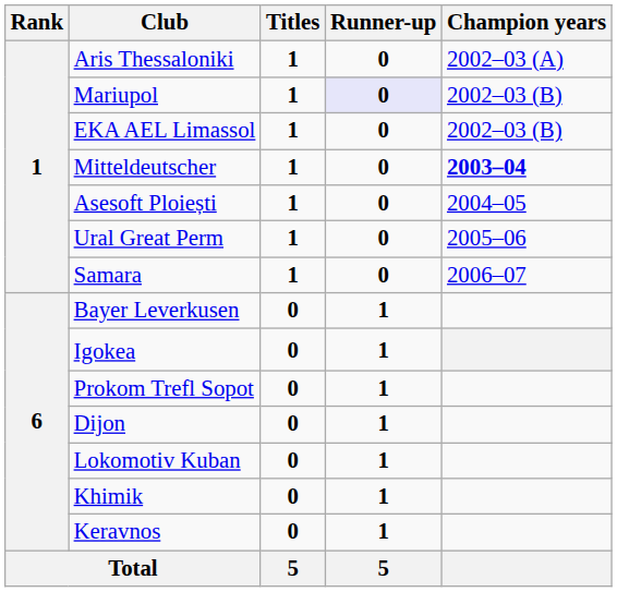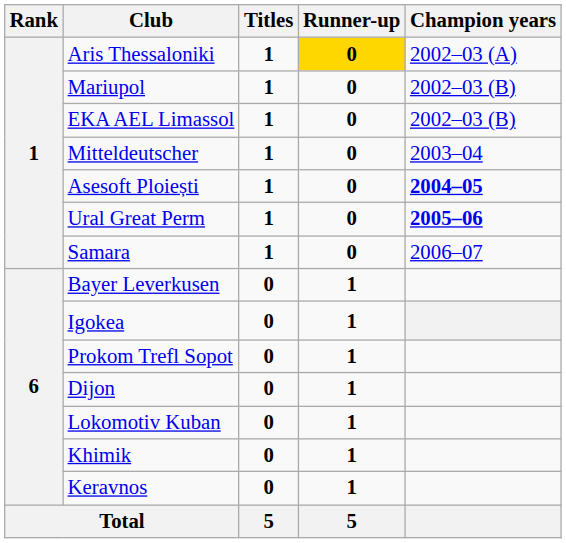 <table class="wikitable sortable">
 <tr>
 <th>Rank</th>
 <th>Club</th>
 <th>Titles</th>
 <th>Runner-up</th>
 <th>Champion years</th>
 </tr>
 <tr>
 <th rowspan="7">1</th>
 <td><a href='#'>Aris Thessaloniki</a></td>
 <td align="center"><strong>1</strong></td>
-<td align="center"><strong>0</strong></td>
+<td align="center" style="background: gold;"><strong>0</strong></td>
 <td><a href='#'>2002–03 (A)</a></td>
 </tr>
 <tr>
 <td><a href='#'>Mariupol</a></td>
 <td align="center"><strong>1</strong></td>
-<td align="center" style="background: lavender;"><strong>0</strong></td>
+<td align="center"><strong>0</strong></td>
 <td><a href='#'>2002–03 (B)</a></td>
 </tr>
 <tr>
 <td><a href='#'>EKA AEL Limassol</a></td>
 <td align="center"><strong>1</strong></td>
 <td align="center"><strong>0</strong></td>
 <td><a href='#'>2002–03 (B)</a></td>
 </tr>
 <tr>
 <td> <a href='#'>Mitteldeutscher</a></td>
 <td align="center"><strong>1</strong></td>
 <td align="center"><strong>0</strong></td>
-<td><strong><a href='#'>2003–04</a></strong></td>
+<td><a href='#'>2003–04</a></td>
 </tr>
 <tr>
 <td> <a href='#'>Asesoft Ploiești</a></td>
 <td align="center"><strong>1</strong></td>
 <td align="center"><strong>0</strong></td>
-<td><a href='#'>2004–05</a></td>
+<td><strong><a href='#'>2004–05</a></strong></td>
 </tr>
 <tr>
 <td> <a href='#'>Ural Great Perm</a></td>
 <td align="center"><strong>1</strong></td>
 <td align="center"><strong>0</strong></td>
-<td><a href='#'>2005–06</a></td>
+<td><strong><a href='#'>2005–06</a></strong></td>
 </tr>
 <tr>
 <td> <a href='#'>Samara</a></td>
 <td align="center"><strong>1</strong></td>
 <td align="center"><strong>0</strong></td>
 <td><a href='#'>2006–07</a></td>
 </tr>
 <tr>
 <th rowspan="7">6</th>
 <td> <a href='#'>Bayer Leverkusen</a></td>
 <td align="center"><strong>0</strong></td>
 <td align="center"><strong>1</strong></td>
 <td></td>
 </tr>
 <tr>
 <td><big></big><a href='#'>Igokea</a></td>
 <td align="center"><strong>0</strong></td>
 <td align="center"><strong>1</strong></td>
 <th></th>
 </tr>
 <tr>
 <td> <a href='#'>Prokom Trefl Sopot</a></td>
 <td align="center"><strong>0</strong></td>
 <td align="center"><strong>1</strong></td>
 <td></td>
 </tr>
 <tr>
 <td> <a href='#'>Dijon</a></td>
 <td align="center"><strong>0</strong></td>
 <td align="center"><strong>1</strong></td>
 <td></td>
 </tr>
 <tr>
 <td> <a href='#'>Lokomotiv Kuban</a></td>
 <td align="center"><strong>0</strong></td>
 <td align="center"><strong>1</strong></td>
 <td></td>
 </tr>
 <tr>
 <td> <a href='#'>Khimik</a></td>
 <td align="center"><strong>0</strong></td>
 <td align="center"><strong>1</strong></td>
 <td></td>
 </tr>
 <tr>
 <td> <a href='#'>Keravnos</a></td>
 <td align="center"><strong>0</strong></td>
 <td align="center"><strong>1</strong></td>
 <td></td>
 </tr>
 <tr>
 <th colspan=2>Total</th>
 <th align=center>5</th>
 <th align=center>5</th>
 <th></th>
 </tr>
 </table>
